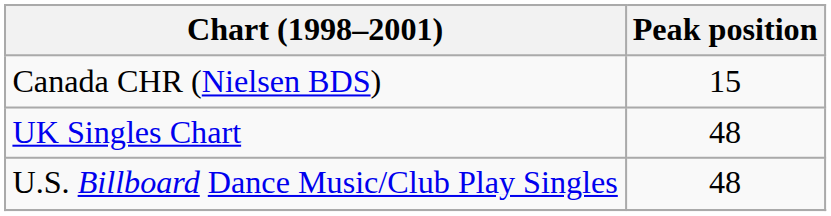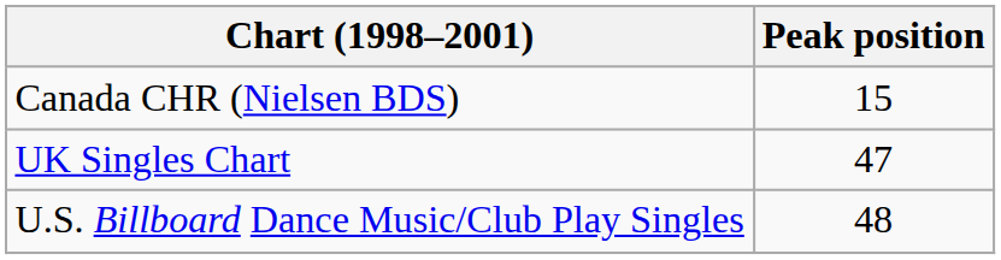 <table class="wikitable sortable">
 <tr>
 <th>Chart (1998–2001)</th>
 <th>Peak position</th>
 </tr>
 <tr>
 <td>Canada CHR (<a href='#'>Nielsen BDS</a>)</td>
 <td align="center">15</td>
 </tr>
 <tr>
 <td><a href='#'>UK Singles Chart</a></td>
-<td align="center">48</td>
+<td align="center">47</td>
 </tr>
 <tr>
 <td>U.S. <em><a href='#'>Billboard</a></em> <a href='#'>Dance Music/Club Play Singles</a></td>
 <td align="center">48</td>
 </tr>
 <tr>
 </tr>
 <tr>
 </tr>
 <tr>
 </tr>
 </table>
